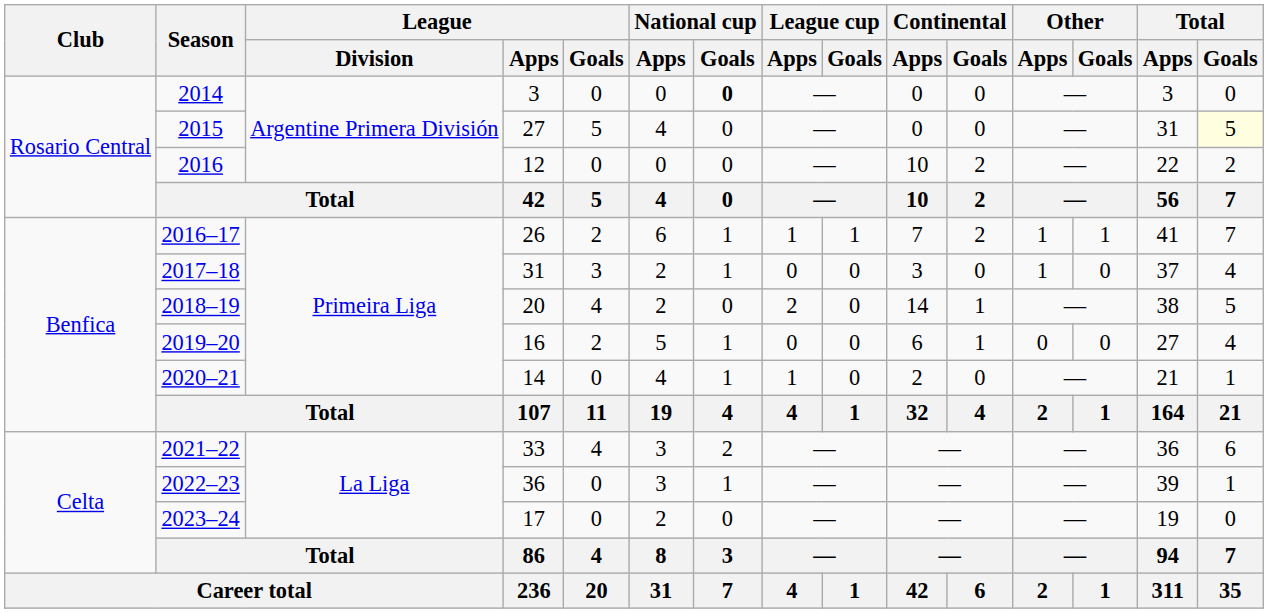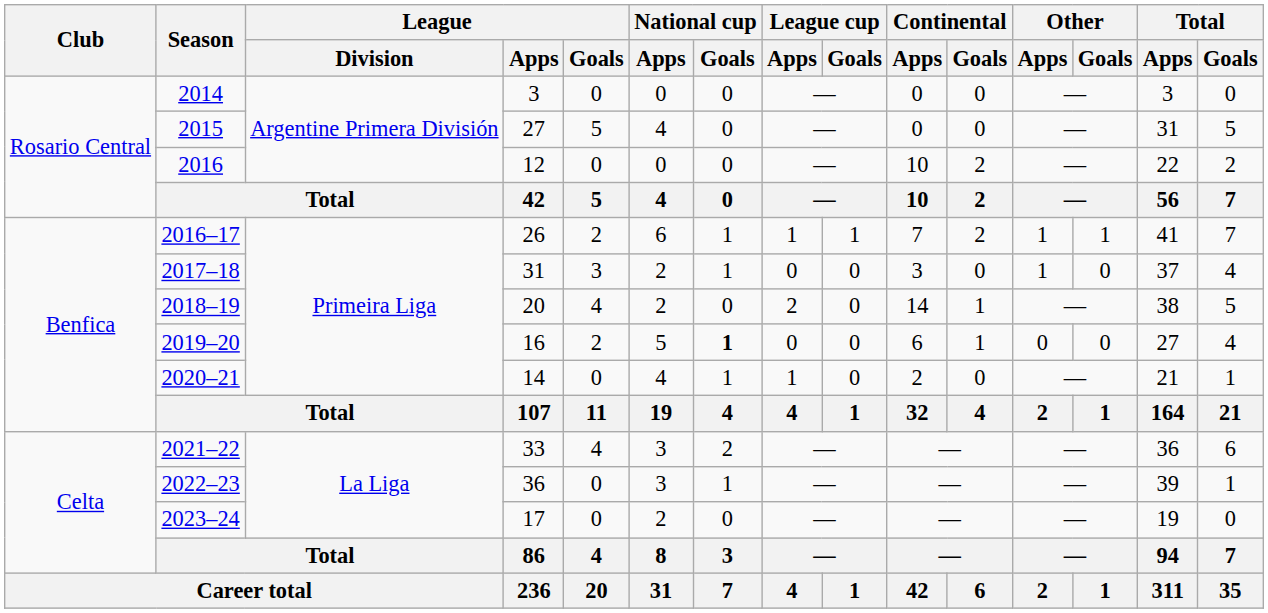 <table class="wikitable" style="text-align:center">
 <tr>
 <th rowspan="2">Club</th>
 <th rowspan="2">Season</th>
 <th colspan="3">League</th>
 <th colspan="2">National cup</th>
 <th colspan="2">League cup</th>
 <th colspan="2">Continental</th>
 <th colspan="2">Other</th>
 <th colspan="2">Total</th>
 </tr>
 <tr>
 <th>Division</th>
 <th>Apps</th>
 <th>Goals</th>
 <th>Apps</th>
 <th>Goals</th>
 <th>Apps</th>
 <th>Goals</th>
 <th>Apps</th>
 <th>Goals</th>
 <th>Apps</th>
 <th>Goals</th>
 <th>Apps</th>
 <th>Goals</th>
 </tr>
 <tr>
 <td rowspan="4"><a href='#'>Rosario Central</a></td>
 <td><a href='#'>2014</a></td>
 <td rowspan="3"><a href='#'>Argentine Primera División</a></td>
 <td>3</td>
 <td>0</td>
 <td>0</td>
-<td><strong>0</strong></td>
+<td>0</td>
 <td colspan="2">—</td>
 <td>0</td>
 <td>0</td>
 <td colspan="2">—</td>
 <td>3</td>
 <td>0</td>
 </tr>
 <tr>
 <td><a href='#'>2015</a></td>
 <td>27</td>
 <td>5</td>
 <td>4</td>
 <td>0</td>
 <td colspan="2">—</td>
 <td>0</td>
 <td>0</td>
 <td colspan="2">—</td>
 <td>31</td>
-<td style="background: lightyellow;">5</td>
+<td>5</td>
 </tr>
 <tr>
 <td><a href='#'>2016</a></td>
 <td>12</td>
 <td>0</td>
 <td>0</td>
 <td>0</td>
 <td colspan="2">—</td>
 <td>10</td>
 <td>2</td>
 <td colspan="2">—</td>
 <td>22</td>
 <td>2</td>
 </tr>
 <tr>
 <th colspan="2">Total</th>
 <th>42</th>
 <th>5</th>
 <th>4</th>
 <th>0</th>
 <th colspan="2">—</th>
 <th>10</th>
 <th>2</th>
 <th colspan="2">—</th>
 <th>56</th>
 <th>7</th>
 </tr>
 <tr>
 <td rowspan="6"><a href='#'>Benfica</a></td>
 <td><a href='#'>2016–17</a></td>
 <td rowspan="5"><a href='#'>Primeira Liga</a></td>
 <td>26</td>
 <td>2</td>
 <td>6</td>
 <td>1</td>
 <td>1</td>
 <td>1</td>
 <td>7</td>
 <td>2</td>
 <td>1</td>
 <td>1</td>
 <td>41</td>
 <td>7</td>
 </tr>
 <tr>
 <td><a href='#'>2017–18</a></td>
 <td>31</td>
 <td>3</td>
 <td>2</td>
 <td>1</td>
 <td>0</td>
 <td>0</td>
 <td>3</td>
 <td>0</td>
 <td>1</td>
 <td>0</td>
 <td>37</td>
 <td>4</td>
 </tr>
 <tr>
 <td><a href='#'>2018–19</a></td>
 <td>20</td>
 <td>4</td>
 <td>2</td>
 <td>0</td>
 <td>2</td>
 <td>0</td>
 <td>14</td>
 <td>1</td>
 <td colspan="2">—</td>
 <td>38</td>
 <td>5</td>
 </tr>
 <tr>
 <td><a href='#'>2019–20</a></td>
 <td>16</td>
 <td>2</td>
 <td>5</td>
-<td>1</td>
+<td><strong>1</strong></td>
 <td>0</td>
 <td>0</td>
 <td>6</td>
 <td>1</td>
 <td>0</td>
 <td>0</td>
 <td>27</td>
 <td>4</td>
 </tr>
 <tr>
 <td><a href='#'>2020–21</a></td>
 <td>14</td>
 <td>0</td>
 <td>4</td>
 <td>1</td>
 <td>1</td>
 <td>0</td>
 <td>2</td>
 <td>0</td>
 <td colspan="2">—</td>
 <td>21</td>
 <td>1</td>
 </tr>
 <tr>
 <th colspan="2">Total</th>
 <th>107</th>
 <th>11</th>
 <th>19</th>
 <th>4</th>
 <th>4</th>
 <th>1</th>
 <th>32</th>
 <th>4</th>
 <th>2</th>
 <th>1</th>
 <th>164</th>
 <th>21</th>
 </tr>
 <tr>
 <td rowspan="4"><a href='#'>Celta</a></td>
 <td><a href='#'>2021–22</a></td>
 <td rowspan="3"><a href='#'>La Liga</a></td>
 <td>33</td>
 <td>4</td>
 <td>3</td>
 <td>2</td>
 <td colspan="2">—</td>
 <td colspan="2">—</td>
 <td colspan="2">—</td>
 <td>36</td>
 <td>6</td>
 </tr>
 <tr>
 <td><a href='#'>2022–23</a></td>
 <td>36</td>
 <td>0</td>
 <td>3</td>
 <td>1</td>
 <td colspan="2">—</td>
 <td colspan="2">—</td>
 <td colspan="2">—</td>
 <td>39</td>
 <td>1</td>
 </tr>
 <tr>
 <td><a href='#'>2023–24</a></td>
 <td>17</td>
 <td>0</td>
 <td>2</td>
 <td>0</td>
 <td colspan="2">—</td>
 <td colspan="2">—</td>
 <td colspan="2">—</td>
 <td>19</td>
 <td>0</td>
 </tr>
 <tr>
 <th colspan="2">Total</th>
 <th>86</th>
 <th>4</th>
 <th>8</th>
 <th>3</th>
 <th colspan="2">—</th>
 <th colspan="2">—</th>
 <th colspan="2">—</th>
 <th>94</th>
 <th>7</th>
 </tr>
 <tr>
 <th colspan="3">Career total</th>
 <th>236</th>
 <th>20</th>
 <th>31</th>
 <th>7</th>
 <th>4</th>
 <th>1</th>
 <th>42</th>
 <th>6</th>
 <th>2</th>
 <th>1</th>
 <th>311</th>
 <th>35</th>
 </tr>
 </table>
